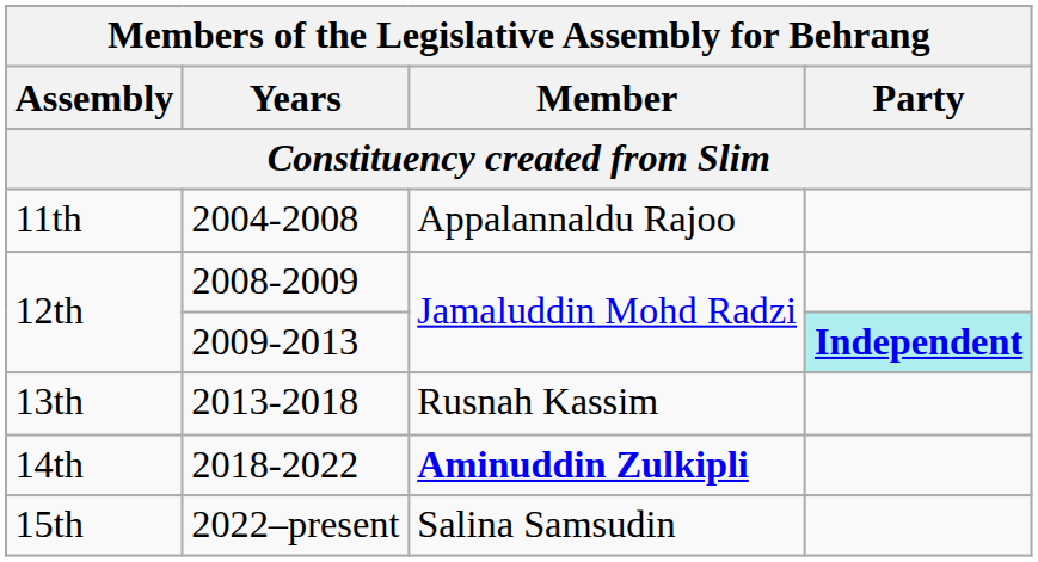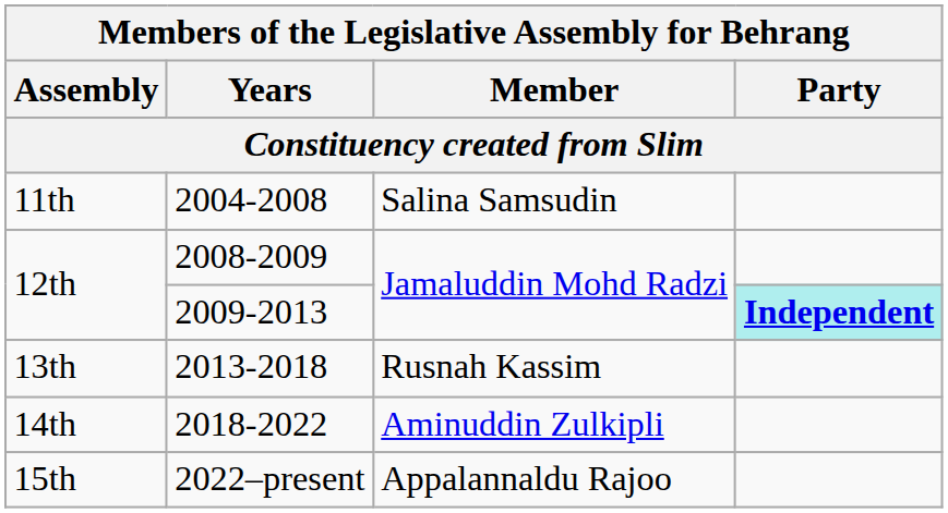 <table class=wikitable>
 <tr>
 <th colspan=4>Members of the Legislative Assembly for Behrang</th>
 </tr>
 <tr>
 <th>Assembly</th>
 <th>Years</th>
 <th>Member</th>
 <th>Party</th>
 </tr>
 <tr>
 <th colspan=4 align=center><em>Constituency created from Slim</em></th>
 </tr>
 <tr>
 <td>11th</td>
 <td>2004-2008</td>
-<td>Appalannaldu Rajoo</td>
+<td>Salina Samsudin</td>
 <td></td>
 </tr>
 <tr>
 <td rowspan="2">12th</td>
 <td>2008-2009</td>
 <td rowspan="2"><a href='#'>Jamaluddin Mohd Radzi</a></td>
 <td></td>
 </tr>
 <tr>
 <td>2009-2013</td>
 <td style="background: paleturquoise;"><strong><a href='#'>Independent</a></strong></td>
 </tr>
 <tr>
 <td>13th</td>
 <td>2013-2018</td>
 <td>Rusnah Kassim</td>
 <td></td>
 </tr>
 <tr>
 <td>14th</td>
 <td>2018-2022</td>
-<td><strong><a href='#'>Aminuddin Zulkipli</a></strong></td>
+<td><a href='#'>Aminuddin Zulkipli</a></td>
 <td></td>
 </tr>
 <tr>
 <td>15th</td>
 <td>2022–present</td>
-<td>Salina Samsudin</td>
+<td>Appalannaldu Rajoo</td>
 <td></td>
 </tr>
 </table>
